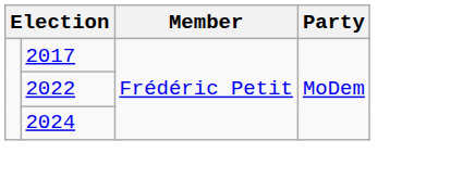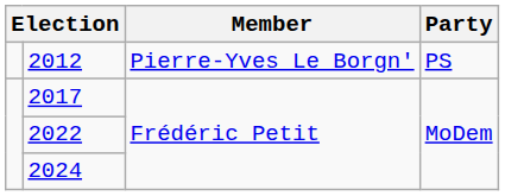 <table class="wikitable">
 <tr>
 <th colspan="2">Election</th>
 <th>Member</th>
 <th>Party</th>
+</tr>
+<tr>
+<td style="color:inherit;background-color: "></td>
+<td><a href='#'>2012</a></td>
+<td><a href='#'>Pierre-Yves Le Borgn'</a></td>
+<td><a href='#'>PS</a></td>
 </tr>
 <tr>
 <td rowspan="3" style="color:inherit;background-color: "></td>
 <td><a href='#'>2017</a></td>
 <td rowspan="3"><a href='#'>Frédéric Petit</a></td>
 <td rowspan="3"><a href='#'>MoDem</a></td>
 </tr>
 <tr>
 <td><a href='#'>2022</a></td>
 </tr>
 <tr>
 <td><a href='#'>2024</a></td>
 </tr>
 </table>
